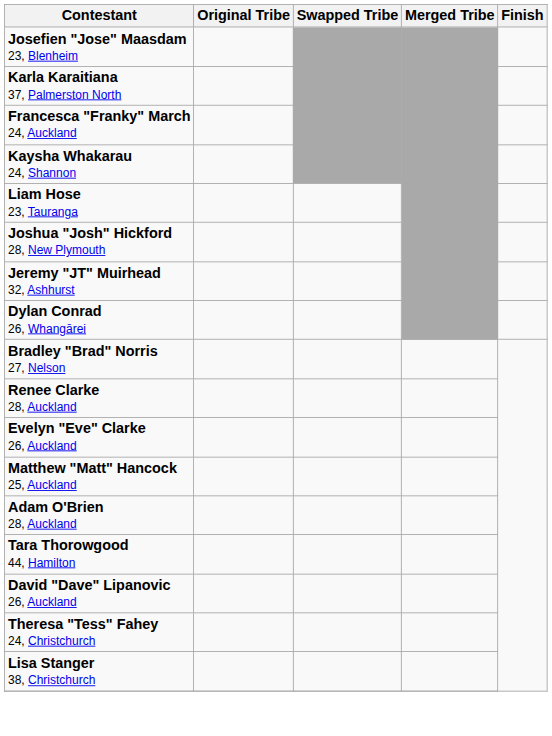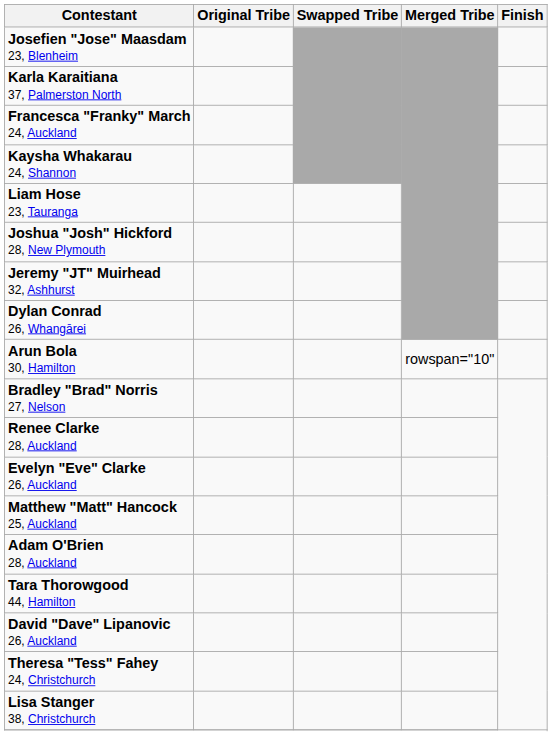 <table class="wikitable sortable nowrap" style="margin:auto; text-align:center">
 <tr>
 <th>Contestant</th>
 <th>Original Tribe</th>
 <th>Swapped Tribe</th>
 <th>Merged Tribe</th>
 <th>Finish</th>
 </tr>
 <tr>
 <td align="left"><strong>Josefien "Jose" Maasdam</strong><br><small>23, <a href='#'>Blenheim</a></small></td>
 <td></td>
 <td rowspan="4" bgcolor="darkgray"></td>
 <td rowspan="8" bgcolor="darkgray"></td>
 <td></td>
 </tr>
 <tr>
 <td align="left"><strong>Karla Karaitiana</strong><br><small>37, <a href='#'>Palmerston North</a></small></td>
 <td></td>
 <td></td>
 </tr>
 <tr>
 <td align="left"><strong>Francesca "Franky" March</strong><br><small>24, <a href='#'>Auckland</a></small></td>
 <td></td>
 <td></td>
 </tr>
 <tr>
 <td align="left"><strong>Kaysha Whakarau</strong><br><small>24, <a href='#'>Shannon</a></small></td>
 <td></td>
 <td></td>
 </tr>
 <tr>
 <td align="left"><strong>Liam Hose</strong><br><small>23, <a href='#'>Tauranga</a></small></td>
 <td></td>
 <td></td>
 <td></td>
 </tr>
 <tr>
 <td align="left"><strong>Joshua "Josh" Hickford</strong><br><small>28, <a href='#'>New Plymouth</a></small></td>
 <td></td>
 <td></td>
 <td></td>
 </tr>
 <tr>
 <td align="left"><strong>Jeremy "JT" Muirhead</strong><br><small>32, <a href='#'>Ashhurst</a></small></td>
 <td></td>
 <td></td>
 <td></td>
 </tr>
 <tr>
 <td align="left"><strong>Dylan Conrad</strong><br><small>26, <a href='#'>Whangārei</a></small></td>
 <td></td>
 <td></td>
+<td></td>
+</tr>
+<tr>
+<td align="left"><strong>Arun Bola</strong><br><small>30, <a href='#'>Hamilton</a></small></td>
+<td></td>
+<td></td>
+<td>rowspan="10" </td>
 <td></td>
 </tr>
 <tr>
 <td align="left"><strong>Bradley "Brad" Norris</strong><br><small>27, <a href='#'>Nelson</a></small></td>
 <td></td>
 <td></td>
 <td></td>
 </tr>
 <tr>
 <td align="left"><strong>Renee Clarke</strong><br><small>28, <a href='#'>Auckland</a></small></td>
 <td></td>
 <td></td>
 <td></td>
 </tr>
 <tr>
 <td align="left"><strong>Evelyn "Eve" Clarke</strong><br><small>26, <a href='#'>Auckland</a></small></td>
 <td></td>
 <td></td>
 <td></td>
 </tr>
 <tr>
 <td align="left"><strong>Matthew "Matt" Hancock</strong><br><small>25, <a href='#'>Auckland</a></small></td>
 <td></td>
 <td></td>
 <td></td>
 </tr>
 <tr>
 <td align="left"><strong>Adam O'Brien</strong><br><small>28, <a href='#'>Auckland</a></small></td>
 <td></td>
 <td></td>
 <td></td>
 </tr>
 <tr>
 <td align="left"><strong>Tara Thorowgood</strong><br><small>44, <a href='#'>Hamilton</a></small></td>
 <td></td>
 <td></td>
 <td></td>
 </tr>
 <tr>
 <td align="left"><strong>David "Dave" Lipanovic</strong><br><small>26, <a href='#'>Auckland</a></small></td>
 <td></td>
 <td></td>
 <td></td>
 </tr>
 <tr>
 <td align="left"><strong>Theresa "Tess" Fahey</strong><br><small>24, <a href='#'>Christchurch</a></small></td>
 <td></td>
 <td></td>
 <td></td>
 </tr>
 <tr>
 <td align="left"><strong>Lisa Stanger</strong><br><small>38, <a href='#'>Christchurch</a></small></td>
 <td></td>
 <td></td>
 <td></td>
 </tr>
 <tr>
 </tr>
 </table>
